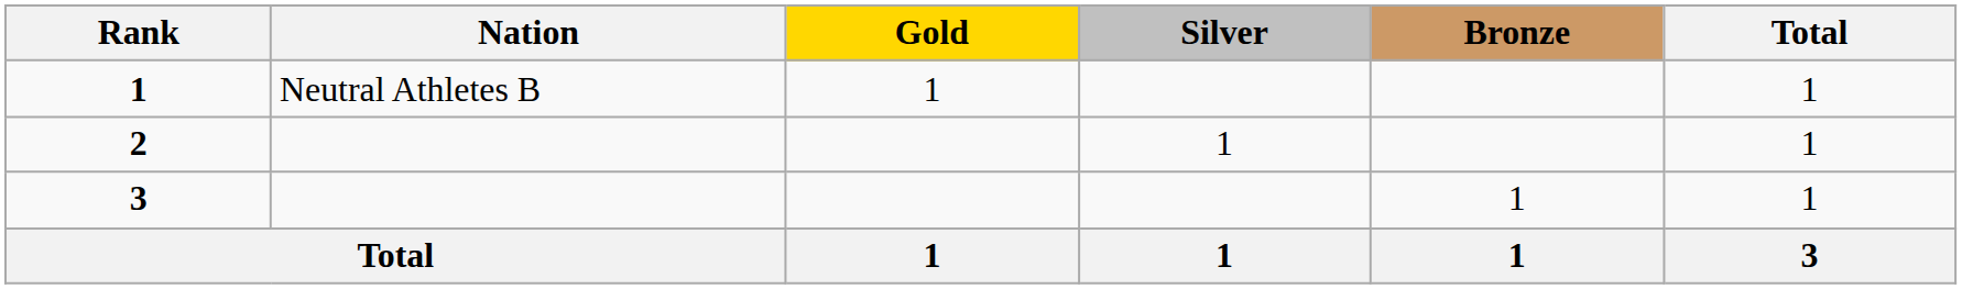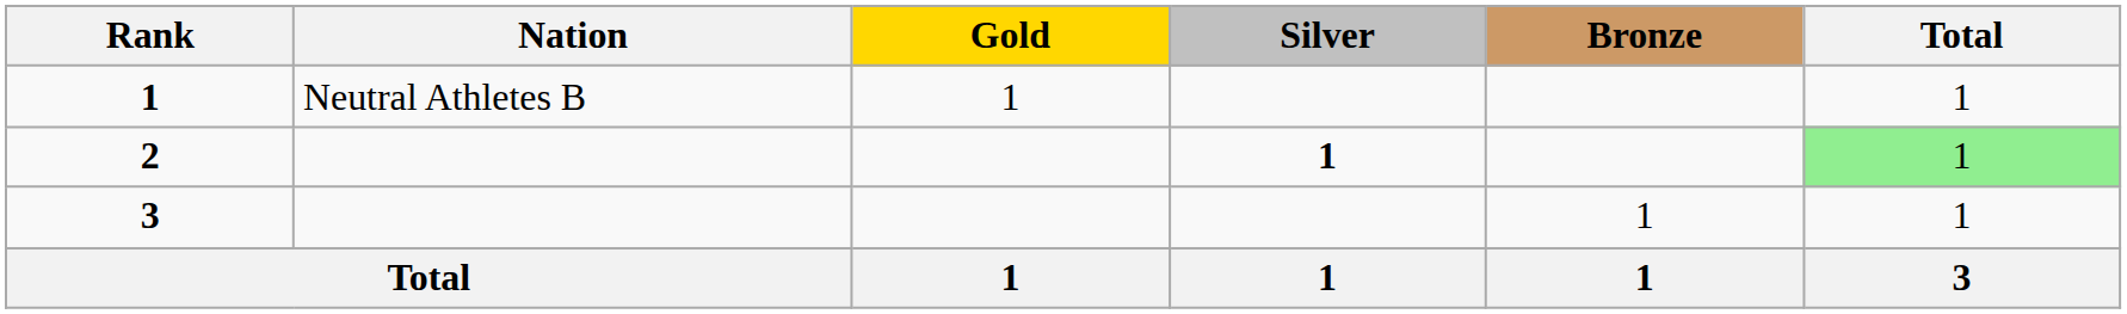 <table class="wikitable collapsible autocollapse plainrowheaders" width=70.5% style="text-align:center;">
 <tr style="background-color:#EDEDED;">
 <th width=100px class="hintergrundfarbe5">Rank</th>
 <th width=200px class="hintergrundfarbe6">Nation</th>
 <th style="background:    gold; width:15%">Gold</th>
 <th style="background:  silver; width:15%">Silver</th>
 <th style="background: #CC9966; width:15%">Bronze</th>
 <th class="hintergrundfarbe6" style="width:15%">Total</th>
 </tr>
 <tr>
 <td><strong>1</strong></td>
 <td align=left> Neutral Athletes B</td>
 <td>1</td>
 <td></td>
 <td></td>
 <td>1</td>
 </tr>
 <tr>
 <td><strong>2</strong></td>
 <td align=left></td>
 <td></td>
-<td>1</td>
+<td><strong>1</strong></td>
 <td></td>
-<td>1</td>
+<td style="background: lightgreen;">1</td>
 </tr>
 <tr>
 <td><strong>3</strong></td>
 <td align=left></td>
 <td></td>
 <td></td>
 <td>1</td>
 <td>1</td>
 </tr>
 <tr>
 <th colspan=2>Total</th>
 <th>1</th>
 <th>1</th>
 <th>1</th>
 <th>3</th>
 </tr>
 </table>
